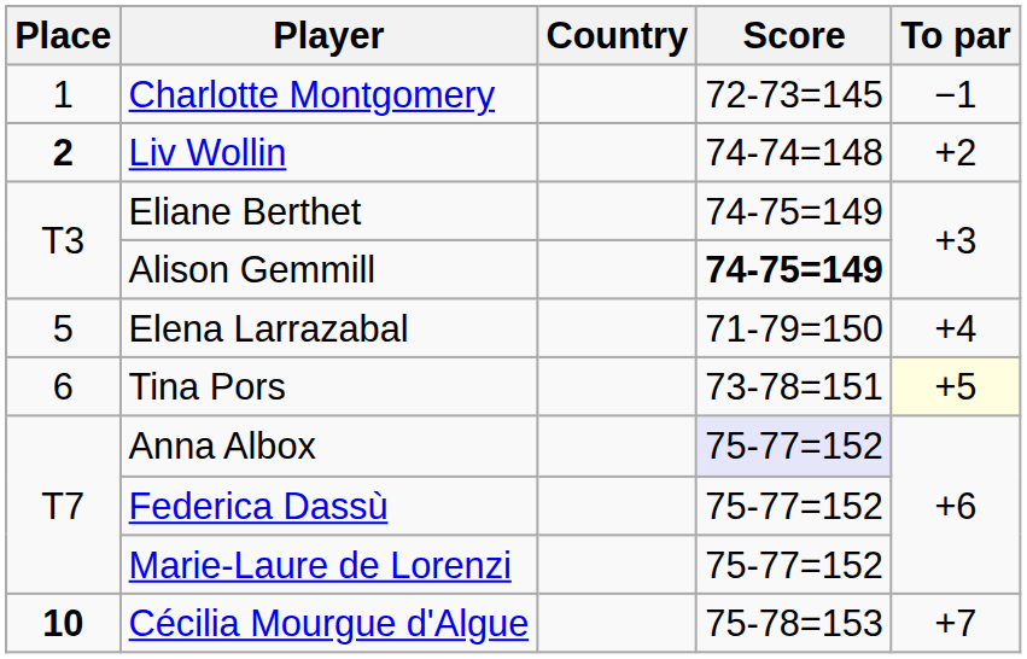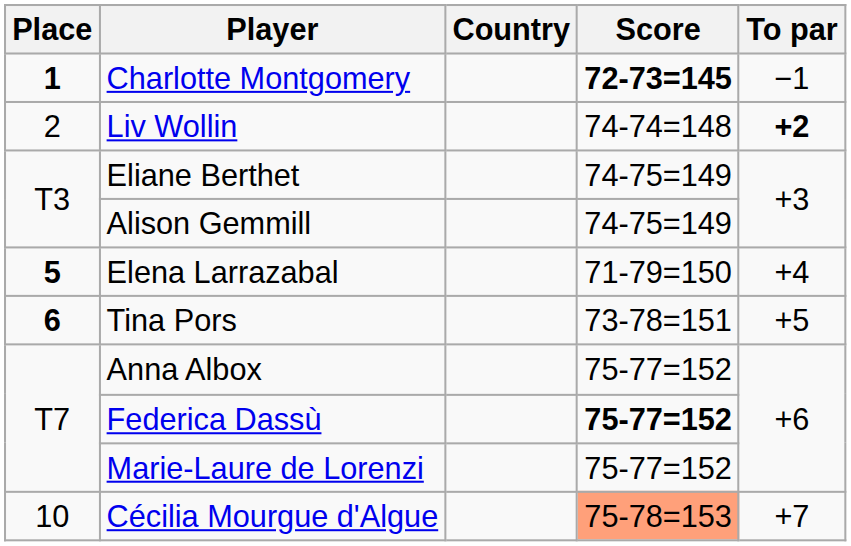 <table class="wikitable" style="font-size:95%;">
 <tr>
 <th>Place</th>
 <th>Player</th>
 <th>Country</th>
 <th>Score</th>
 <th>To par</th>
 </tr>
 <tr>
-<td align=center>1</td>
+<td align=center><strong>1</strong></td>
 <td><a href='#'>Charlotte Montgomery</a></td>
 <td></td>
-<td align=center>72-73=145</td>
+<td align=center><strong>72-73=145</strong></td>
 <td align=center>−1</td>
 </tr>
 <tr>
-<td align=center><strong>2</strong></td>
+<td align=center>2</td>
 <td><a href='#'>Liv Wollin</a></td>
 <td></td>
 <td align=center>74-74=148</td>
-<td align=center>+2</td>
+<td align=center><strong>+2</strong></td>
 </tr>
 <tr>
 <td rowspan="2" align=center>T3</td>
 <td>Eliane Berthet</td>
 <td></td>
 <td align=center>74-75=149</td>
 <td rowspan="2" align=center>+3</td>
 </tr>
 <tr>
 <td>Alison Gemmill</td>
 <td></td>
-<td align=center><strong>74-75=149</strong></td>
+<td align=center>74-75=149</td>
 </tr>
 <tr>
-<td align=center>5</td>
+<td align=center><strong>5</strong></td>
 <td>Elena Larrazabal</td>
 <td></td>
 <td align=center>71-79=150</td>
 <td align=center>+4</td>
 </tr>
 <tr>
-<td align=center>6</td>
+<td align=center><strong>6</strong></td>
 <td>Tina Pors</td>
 <td></td>
 <td align=center>73-78=151</td>
-<td align=center style="background: lightyellow;">+5</td>
+<td align=center>+5</td>
 </tr>
 <tr>
 <td rowspan="3" align=center>T7</td>
 <td>Anna Albox</td>
 <td></td>
-<td align=center style="background: lavender;">75-77=152</td>
+<td align=center>75-77=152</td>
 <td rowspan="3" align=center>+6</td>
 </tr>
 <tr>
 <td><a href='#'>Federica Dassù</a></td>
 <td></td>
-<td align=center>75-77=152</td>
+<td align=center><strong>75-77=152</strong></td>
 </tr>
 <tr>
 <td><a href='#'>Marie-Laure de Lorenzi</a></td>
 <td></td>
 <td align=center>75-77=152</td>
 </tr>
 <tr>
-<td align=center><strong>10</strong></td>
+<td align=center>10</td>
 <td><a href='#'>Cécilia Mourgue d'Algue</a></td>
 <td></td>
-<td align=center>75-78=153</td>
+<td align=center style="background: lightsalmon;">75-78=153</td>
 <td align=center>+7</td>
 </tr>
 </table>
